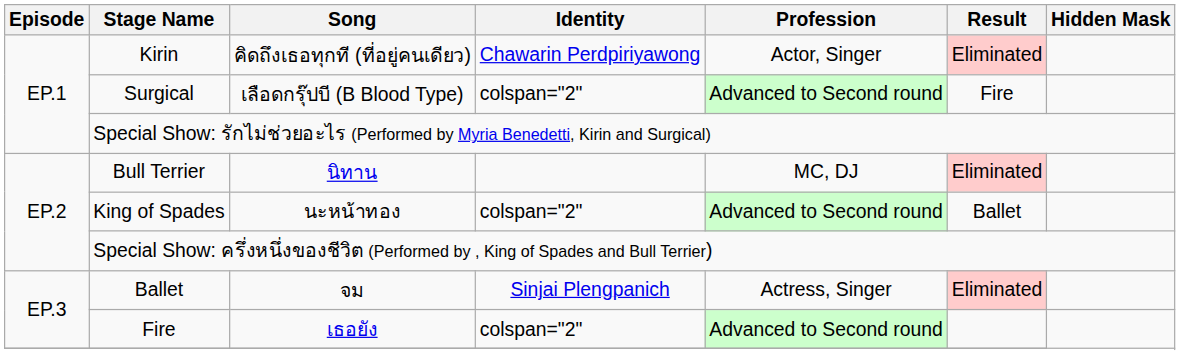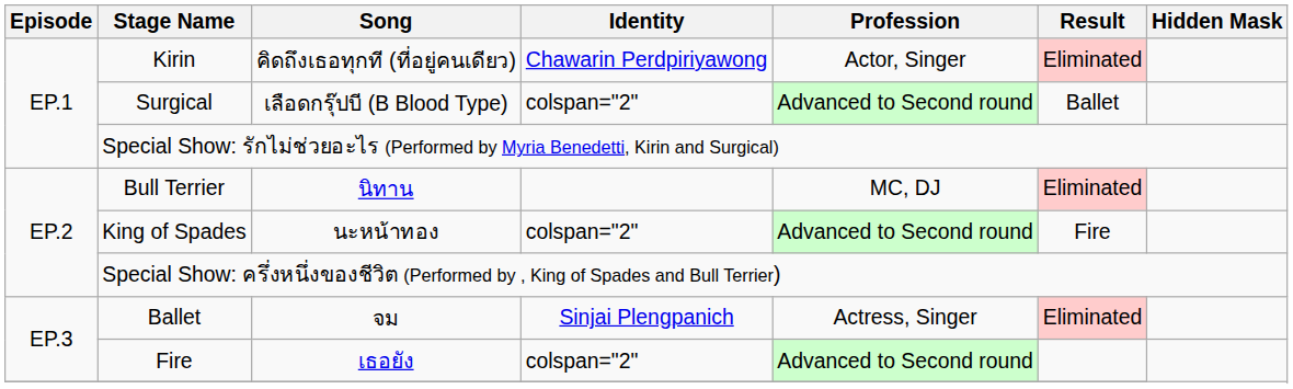 <table class="wikitable">
 <tr>
 <th>Episode</th>
 <th>Stage Name</th>
 <th>Song</th>
 <th>Identity</th>
 <th>Profession</th>
 <th>Result</th>
 <th>Hidden Mask</th>
 </tr>
 <tr>
 <td rowspan="3" align="center">EP.1</td>
 <td style="text-align:center;">Kirin</td>
 <td style="text-align:center;">คิดถึงเธอทุกที (ที่อยู่คนเดียว)</td>
 <td style="text-align:center;"><a href='#'>Chawarin Perdpiriyawong</a></td>
 <td style="text-align:center;">Actor, Singer</td>
 <td style="text-align:center; background:#ffcccc;">Eliminated</td>
 <td></td>
 </tr>
 <tr>
 <td style="text-align:center;">Surgical</td>
 <td style="text-align:center;">เลือดกรุ๊ปบี (B Blood Type)</td>
 <td>colspan="2" </td>
 <td style="text-align:center; background:#ccffcc;">Advanced to Second round</td>
-<td style="text-align:center;">Fire</td>
+<td style="text-align:center;">Ballet</td>
 </tr>
 <tr>
 <td colspan="6">Special Show: รักไม่ช่วยอะไร <small>(Performed by <a href='#'>Myria Benedetti</a>, Kirin and Surgical)</small></td>
 </tr>
 <tr>
 <td rowspan="3" align="center">EP.2</td>
 <td style="text-align:center;">Bull Terrier</td>
 <td style="text-align:center;"><a href='#'>นิทาน</a></td>
 <td style="text-align:center;"></td>
 <td style="text-align:center;">MC, DJ</td>
 <td style="text-align:center; background:#ffcccc;">Eliminated</td>
 <td></td>
 </tr>
 <tr>
 <td style="text-align:center;">King of Spades</td>
 <td style="text-align:center;">นะหน้าทอง</td>
 <td>colspan="2" </td>
 <td style="text-align:center; background:#ccffcc;">Advanced to Second round</td>
-<td style="text-align:center;">Ballet</td>
+<td style="text-align:center;">Fire</td>
 </tr>
 <tr>
 <td colspan="6">Special Show: ครึ่งหนึ่งของชีวิต <small>(Performed by , King of Spades and Bull Terrier</small>)</td>
 </tr>
 <tr>
 <td rowspan="2" align="center">EP.3</td>
 <td style="text-align:center;">Ballet</td>
 <td style="text-align:center;">จม</td>
 <td style="text-align:center;"><a href='#'>Sinjai Plengpanich</a></td>
 <td style="text-align:center;">Actress, Singer</td>
 <td style="text-align:center; background:#ffcccc;">Eliminated</td>
 <td></td>
 </tr>
 <tr>
 <td style="text-align:center;">Fire</td>
 <td style="text-align:center;"><a href='#'>เธอยัง</a></td>
 <td>colspan="2" </td>
 <td style="text-align:center; background:#ccffcc;">Advanced to Second round</td>
 <td></td>
 </tr>
 <tr>
 </tr>
 </table>
